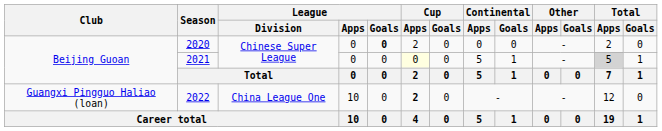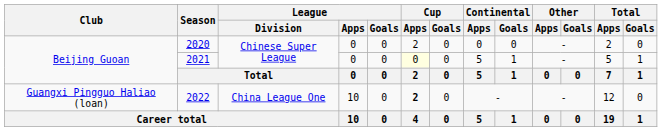 <table class="wikitable" style="text-align: center">
 <tr>
 <th rowspan="2">Club</th>
 <th rowspan="2">Season</th>
 <th colspan="3">League</th>
 <th colspan="2">Cup</th>
 <th colspan="2">Continental</th>
 <th colspan="2">Other</th>
 <th colspan="2">Total</th>
 </tr>
 <tr>
 <th>Division</th>
 <th>Apps</th>
 <th>Goals</th>
 <th>Apps</th>
 <th>Goals</th>
 <th>Apps</th>
 <th>Goals</th>
 <th>Apps</th>
 <th>Goals</th>
 <th>Apps</th>
 <th>Goals</th>
 </tr>
 <tr>
 <td rowspan="3"><a href='#'>Beijing Guoan</a></td>
 <td><a href='#'>2020</a></td>
 <td rowspan="2"><a href='#'>Chinese Super League</a></td>
 <td>0</td>
-<td><strong>0</strong></td>
+<td>0</td>
 <td>2</td>
 <td>0</td>
 <td>0</td>
 <td>0</td>
 <td colspan="2">-</td>
 <td>2</td>
 <td>0</td>
 </tr>
 <tr>
 <td><a href='#'>2021</a></td>
 <td>0</td>
 <td>0</td>
 <td style="background: lightyellow;">0</td>
 <td>0</td>
 <td>5</td>
 <td>1</td>
 <td colspan="2">-</td>
-<td style="background: lightgrey;">5</td>
+<td>5</td>
 <td>1</td>
 </tr>
 <tr>
 <th colspan=2>Total</th>
 <th>0</th>
 <th>0</th>
 <th>2</th>
 <th>0</th>
 <th>5</th>
 <th>1</th>
 <th>0</th>
 <th>0</th>
 <th>7</th>
 <th>1</th>
 </tr>
 <tr>
 <td><a href='#'>Guangxi Pingguo Haliao</a> (loan)</td>
 <td><a href='#'>2022</a></td>
 <td><a href='#'>China League One</a></td>
 <td>10</td>
 <td>0</td>
 <td><strong>2</strong></td>
 <td>0</td>
 <td colspan="2">-</td>
 <td colspan="2">-</td>
 <td>12</td>
 <td>0</td>
 </tr>
 <tr>
 <th colspan=3>Career total</th>
 <th>10</th>
 <th>0</th>
 <th>4</th>
 <th>0</th>
 <th>5</th>
 <th>1</th>
 <th>0</th>
 <th>0</th>
 <th>19</th>
 <th>1</th>
 </tr>
 </table>
